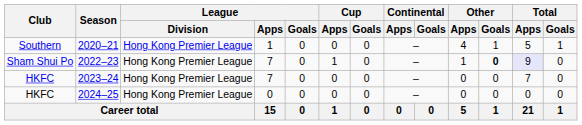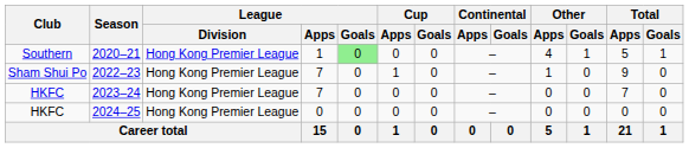 <table class="wikitable" style="text-align: center">
 <tr>
 <th rowspan="2">Club</th>
 <th rowspan="2">Season</th>
 <th colspan="3">League</th>
 <th colspan="2">Cup</th>
 <th colspan="2">Continental</th>
 <th colspan="2">Other</th>
 <th colspan="2">Total</th>
 </tr>
 <tr>
 <th>Division</th>
 <th>Apps</th>
 <th>Goals</th>
 <th>Apps</th>
 <th>Goals</th>
 <th>Apps</th>
 <th>Goals</th>
 <th>Apps</th>
 <th>Goals</th>
 <th>Apps</th>
 <th>Goals</th>
 </tr>
 <tr>
 <td rowspan="1"><a href='#'>Southern</a></td>
 <td><a href='#'>2020–21</a></td>
 <td rowspan="1" valign="center"><a href='#'>Hong Kong Premier League</a></td>
 <td>1</td>
-<td>0</td>
+<td style="background: lightgreen;">0</td>
 <td>0</td>
 <td>0</td>
 <td colspan="2">–</td>
 <td>4</td>
 <td>1</td>
 <td>5</td>
 <td>1</td>
 </tr>
 <tr>
 <td rowspan="1"><a href='#'>Sham Shui Po</a></td>
 <td><a href='#'>2022–23</a></td>
 <td rowspan="1" valign="center">Hong Kong Premier League</td>
 <td>7</td>
 <td>0</td>
 <td>1</td>
 <td>0</td>
 <td colspan="2">–</td>
 <td>1</td>
-<td><strong>0</strong></td>
-<td style="background: lavender;">9</td>
+<td>0</td>
+<td>9</td>
 <td>0</td>
 </tr>
 <tr>
 <td rowspan="1"><a href='#'>HKFC</a></td>
 <td><a href='#'>2023–24</a></td>
 <td rowspan="1" valign="center">Hong Kong Premier League</td>
 <td>7</td>
 <td>0</td>
 <td>0</td>
 <td>0</td>
 <td colspan="2">–</td>
 <td>0</td>
 <td>0</td>
 <td>7</td>
 <td>0</td>
 </tr>
 <tr>
 <td rowspan="1">HKFC</td>
 <td><a href='#'>2024–25</a></td>
 <td rowspan="1" valign="center">Hong Kong Premier League</td>
 <td>0</td>
 <td>0</td>
 <td>0</td>
 <td>0</td>
 <td colspan="2">–</td>
 <td>0</td>
 <td>0</td>
 <td>0</td>
 <td>0</td>
 </tr>
 <tr>
 <th colspan=3>Career total</th>
 <th>15</th>
 <th>0</th>
 <th>1</th>
 <th>0</th>
 <th>0</th>
 <th>0</th>
 <th>5</th>
 <th>1</th>
 <th>21</th>
 <th>1</th>
 </tr>
 </table>
